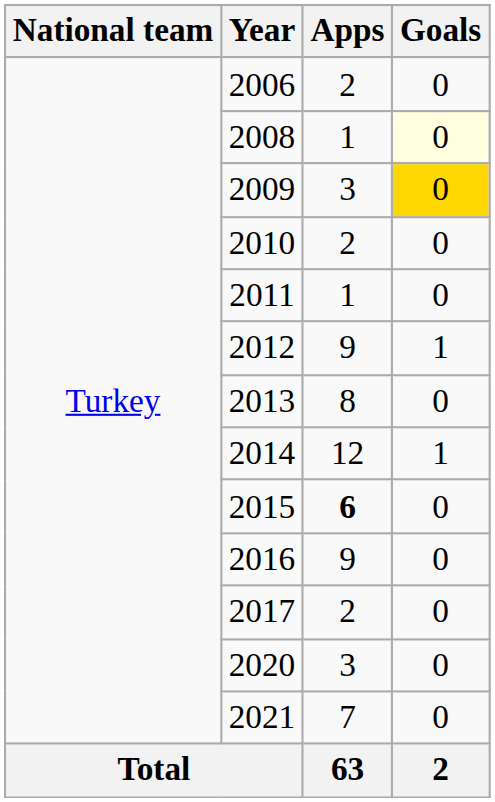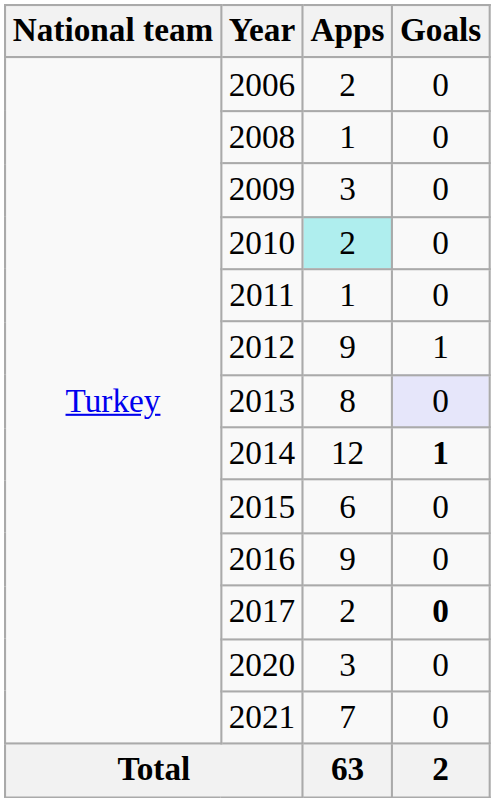 <table class="wikitable" style="text-align:center">
 <tr>
 <th>National team</th>
 <th>Year</th>
 <th>Apps</th>
 <th>Goals</th>
 </tr>
 <tr>
 <td rowspan="13"><a href='#'>Turkey</a></td>
 <td>2006</td>
 <td>2</td>
 <td>0</td>
 </tr>
 <tr>
 <td>2008</td>
 <td>1</td>
-<td style="background: lightyellow;">0</td>
+<td>0</td>
 </tr>
 <tr>
 <td>2009</td>
 <td>3</td>
-<td style="background: gold;">0</td>
+<td>0</td>
 </tr>
 <tr>
 <td>2010</td>
-<td>2</td>
+<td style="background: paleturquoise;">2</td>
 <td>0</td>
 </tr>
 <tr>
 <td>2011</td>
 <td>1</td>
 <td>0</td>
 </tr>
 <tr>
 <td>2012</td>
 <td>9</td>
 <td>1</td>
 </tr>
 <tr>
 <td>2013</td>
 <td>8</td>
-<td>0</td>
+<td style="background: lavender;">0</td>
 </tr>
 <tr>
 <td>2014</td>
 <td>12</td>
-<td>1</td>
+<td><strong>1</strong></td>
 </tr>
 <tr>
 <td>2015</td>
-<td><strong>6</strong></td>
+<td>6</td>
 <td>0</td>
 </tr>
 <tr>
 <td>2016</td>
 <td>9</td>
 <td>0</td>
 </tr>
 <tr>
 <td>2017</td>
 <td>2</td>
-<td>0</td>
+<td><strong>0</strong></td>
 </tr>
 <tr>
 <td>2020</td>
 <td>3</td>
 <td>0</td>
 </tr>
 <tr>
 <td>2021</td>
 <td>7</td>
 <td>0</td>
 </tr>
 <tr>
 <th colspan="2">Total</th>
 <th>63</th>
 <th>2</th>
 </tr>
 </table>
